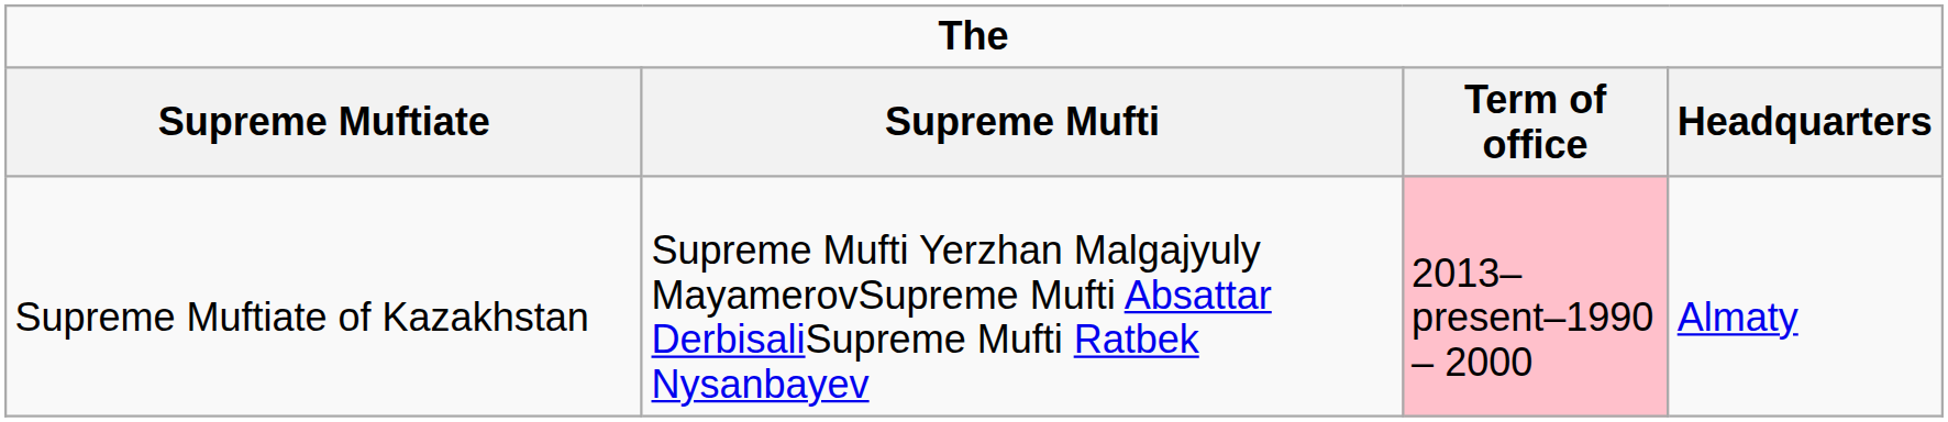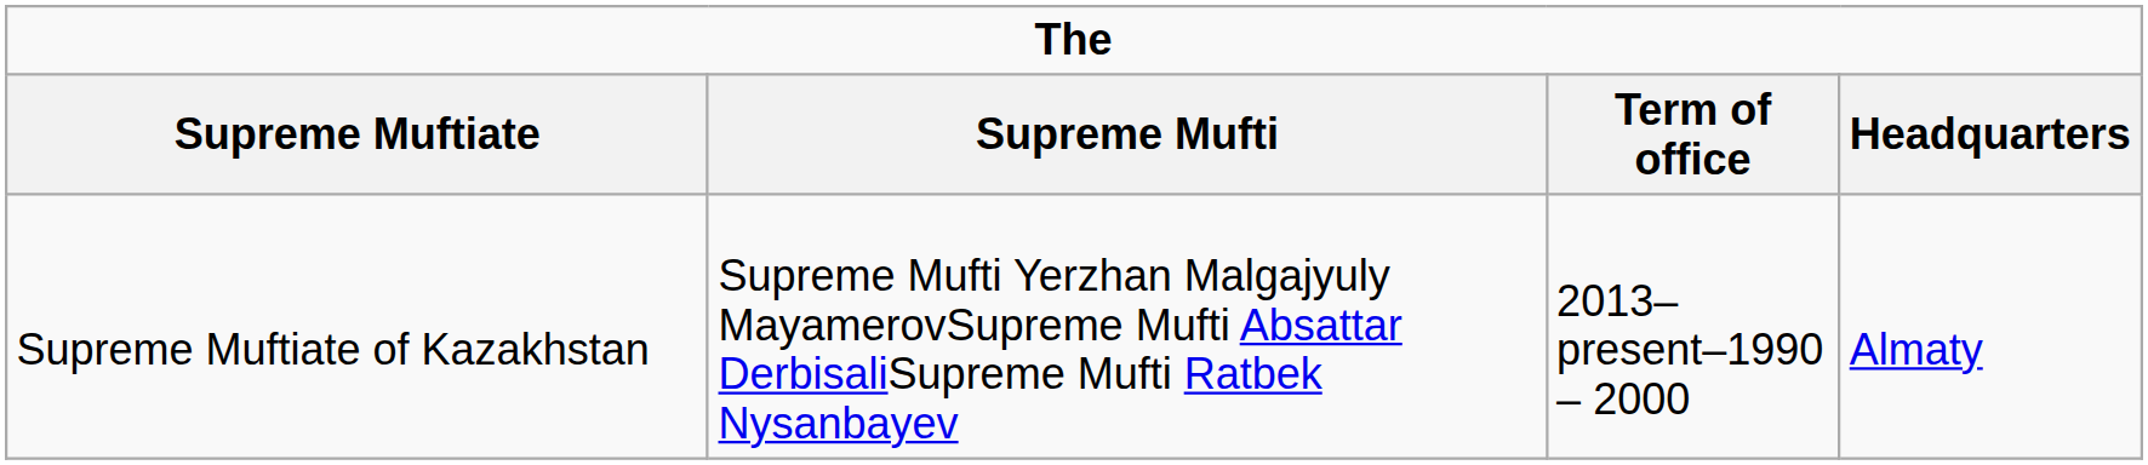 <table class=wikitable>
 <tr>
 <td colspan=4 align=center><strong>The </strong></td>
 </tr>
 <tr>
 <th scope="row" width="250">Supreme Muftiate</th>
 <th scope="row" width="300">Supreme Mufti</th>
 <th scope="row" width="100">Term of office</th>
 <th scope="row" width="100">Headquarters</th>
 </tr>
 <tr>
 <td><br>Supreme Muftiate of Kazakhstan</td>
 <td><br>Supreme Mufti Yerzhan Malgajyuly MayamerovSupreme Mufti <a href='#'>Absattar Derbisali</a>Supreme Mufti <a href='#'>Ratbek Nysanbayev</a></td>
-<td style="background: pink;"><br>2013–present–1990 – 2000</td>
+<td><br>2013–present–1990 – 2000</td>
 <td><br><a href='#'>Almaty</a></td>
 </tr>
 </table>
